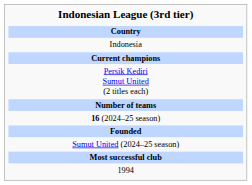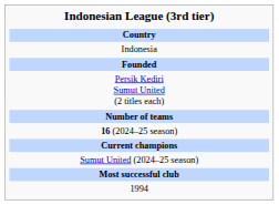 <table class="infobox football" style="width: 22em; text-align: center;">
 <tr>
 <th style="font-size: 16px;">Indonesian League (3rd tier)</th>
 </tr>
 <tr>
 <th style="font-size: 12px;"></th>
 </tr>
 <tr>
 <td style="font-size: 12px; background: #BFD7FF;"><strong>Country</strong></td>
 </tr>
 <tr>
 <td style="font-size: 12px;">Indonesia<br></td>
 </tr>
 <tr>
-<td style="font-size: 12px; background: #BFD7FF;"><strong>Current champions</strong></td>
+<td style="font-size: 12px; background: #BFD7FF;"><strong>Founded</strong></td>
 </tr>
 <tr>
 <td style="font-size: 12px;"><a href='#'>Persik Kediri</a><br><a href='#'>Sumut United</a><br>(2 titles each)</td>
 </tr>
 <tr>
 <td style="font-size: 12px; background: #BFD7FF;"><strong>Number of teams</strong></td>
 </tr>
 <tr>
 <td style="font-size: 12px;"><strong>16</strong> (2024–25 season)</td>
 </tr>
 <tr>
-<td style="font-size: 12px; background: #BFD7FF;"><strong>Founded</strong></td>
+<td style="font-size: 12px; background: #BFD7FF;"><strong>Current champions</strong></td>
 </tr>
 <tr>
 <td style="font-size: 12px;"><a href='#'>Sumut United</a> (2024–25 season)</td>
 </tr>
 <tr>
 <td style="font-size: 12px; background: #BFD7FF;"><strong>Most successful club</strong></td>
 </tr>
 <tr>
 <td style="font-size: 12px;">1994</td>
 </tr>
 </table>
